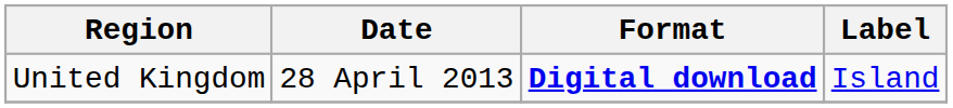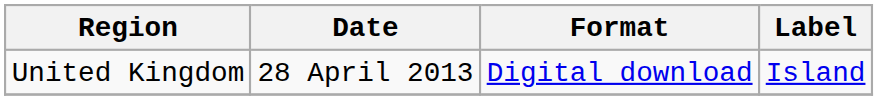 <table class=wikitable>
 <tr>
 <th>Region</th>
 <th>Date</th>
 <th>Format</th>
 <th>Label</th>
 </tr>
 <tr>
 <td>United Kingdom</td>
 <td>28 April 2013</td>
-<td><strong><a href='#'>Digital download</a></strong></td>
+<td><a href='#'>Digital download</a></td>
 <td><a href='#'>Island</a></td>
 </tr>
 <tr>
 </tr>
 </table>
